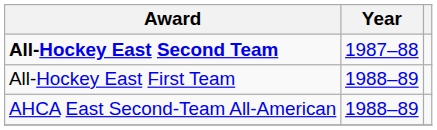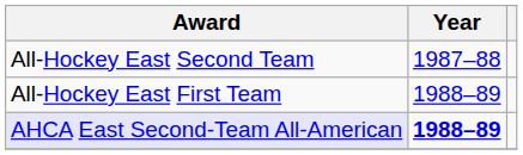 <table class="wikitable">
 <tr>
 <th>Award</th>
 <th>Year</th>
 <th></th>
 </tr>
 <tr>
-<td><strong>All-<a href='#'>Hockey East</a> <a href='#'>Second Team</a></strong></td>
+<td>All-<a href='#'>Hockey East</a> <a href='#'>Second Team</a></td>
 <td><a href='#'>1987–88</a></td>
 <td></td>
 </tr>
 <tr>
 <td>All-<a href='#'>Hockey East</a> <a href='#'>First Team</a></td>
 <td><a href='#'>1988–89</a></td>
 <td></td>
 </tr>
 <tr>
-<td><a href='#'>AHCA</a> <a href='#'>East Second-Team All-American</a></td>
-<td><a href='#'>1988–89</a></td>
+<td style="background: lavender;"><a href='#'>AHCA</a> <a href='#'>East Second-Team All-American</a></td>
+<td><strong><a href='#'>1988–89</a></strong></td>
 <td></td>
 </tr>
 <tr>
 </tr>
 </table>
